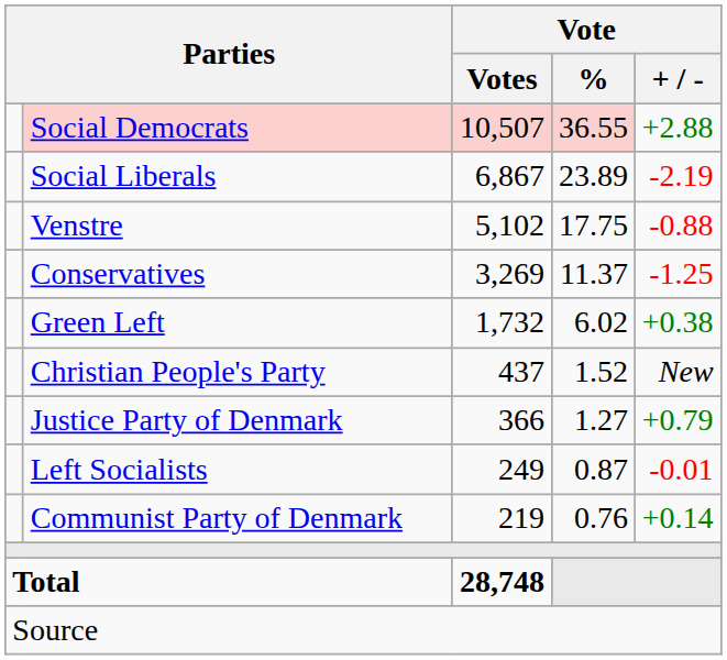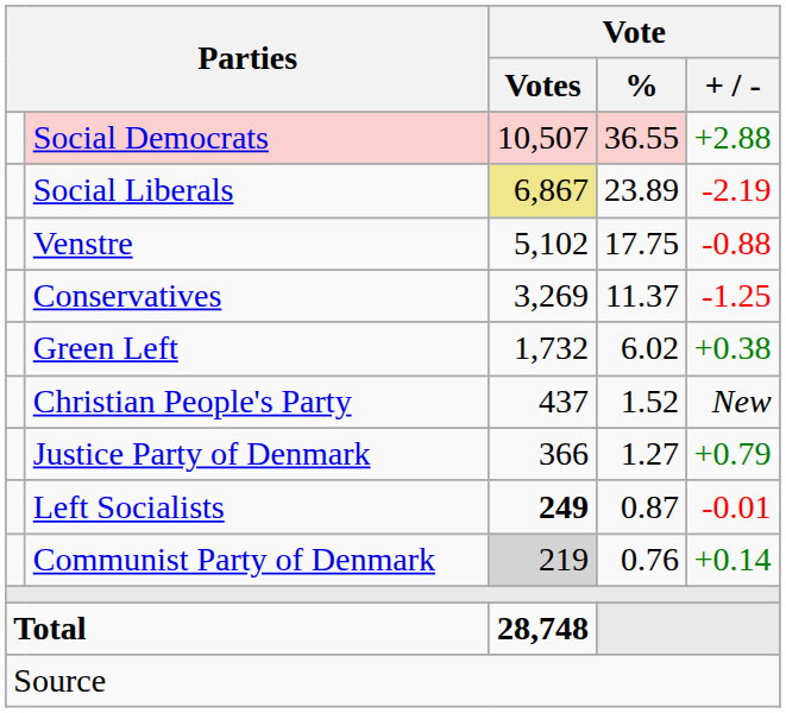 <table class="wikitable" style="text-align:right;">
 <tr>
 <th style="text-align:centre;" rowspan="2" colspan="2" width="225">Parties</th>
 <th colspan="3">Vote</th>
 </tr>
 <tr>
 <th width="15">Votes</th>
 <th width="15">%</th>
 <th width="15">+ / -</th>
 </tr>
 <tr>
 <td width="2" style="color:inherit;background:"></td>
 <td bgcolor=#fbd0ce  align="left"><a href='#'>Social Democrats</a></td>
 <td bgcolor=#fbd0ce>10,507</td>
 <td bgcolor=#fbd0ce>36.55</td>
 <td style=color:green;>+2.88</td>
 </tr>
 <tr>
 <td width="2" style="color:inherit;background:"></td>
 <td align="left"><a href='#'>Social Liberals</a></td>
-<td>6,867</td>
+<td style="background: khaki;">6,867</td>
 <td>23.89</td>
 <td style=color:red;>-2.19</td>
 </tr>
 <tr>
 <td width="2" style="color:inherit;background:"></td>
 <td align="left"><a href='#'>Venstre</a></td>
 <td>5,102</td>
 <td>17.75</td>
 <td style=color:red;>-0.88</td>
 </tr>
 <tr>
 <td width="2" style="color:inherit;background:"></td>
 <td align="left"><a href='#'>Conservatives</a></td>
 <td>3,269</td>
 <td>11.37</td>
 <td style=color:red;>-1.25</td>
 </tr>
 <tr>
 <td width="2" style="color:inherit;background:"></td>
 <td align="left"><a href='#'>Green Left</a></td>
 <td>1,732</td>
 <td>6.02</td>
 <td style=color:green;>+0.38</td>
 </tr>
 <tr>
 <td width="2" style="color:inherit;background:"></td>
 <td align="left"><a href='#'>Christian People's Party</a></td>
 <td>437</td>
 <td>1.52</td>
 <td><em>New</em></td>
 </tr>
 <tr>
 <td width="2" style="color:inherit;background:"></td>
 <td align="left"><a href='#'>Justice Party of Denmark</a></td>
 <td>366</td>
 <td>1.27</td>
 <td style=color:green;>+0.79</td>
 </tr>
 <tr>
 <td width="2" style="color:inherit;background:"></td>
 <td align="left"><a href='#'>Left Socialists</a></td>
-<td>249</td>
+<td><strong>249</strong></td>
 <td>0.87</td>
 <td style=color:red;>-0.01</td>
 </tr>
 <tr>
 <td width="2" style="color:inherit;background:"></td>
 <td align="left"><a href='#'>Communist Party of Denmark</a></td>
-<td>219</td>
+<td style="background: lightgrey;">219</td>
 <td>0.76</td>
 <td style=color:green;>+0.14</td>
 </tr>
 <tr>
 <td colspan="7" bgcolor="#E9E9E9"></td>
 </tr>
 <tr>
 <td align="left" colspan="2"><strong>Total</strong></td>
 <td><strong>28,748</strong></td>
 <td bgcolor="#E9E9E9" colspan="2"></td>
 </tr>
 <tr>
 <td align="left" colspan="6">Source</td>
 </tr>
 </table>
